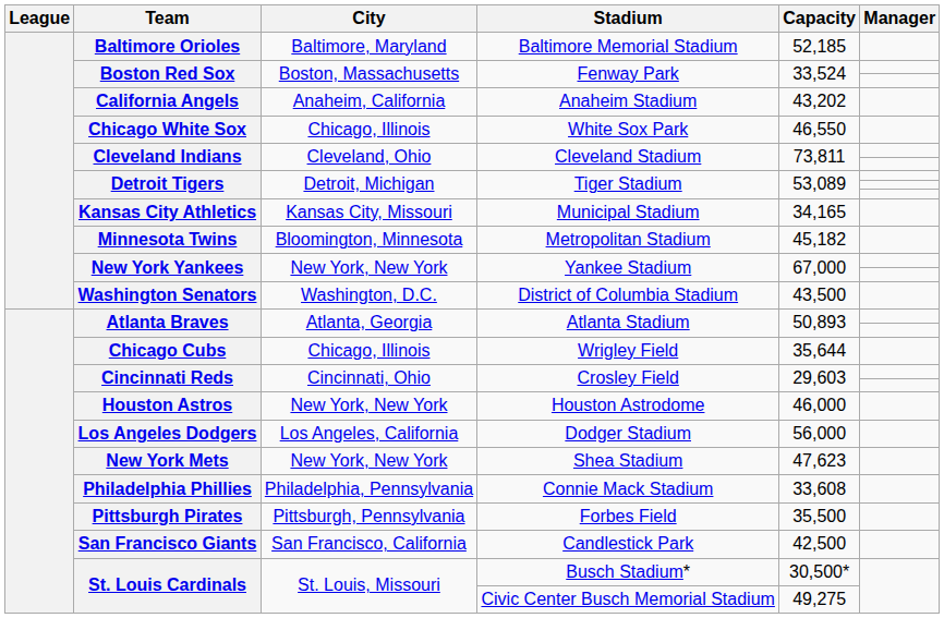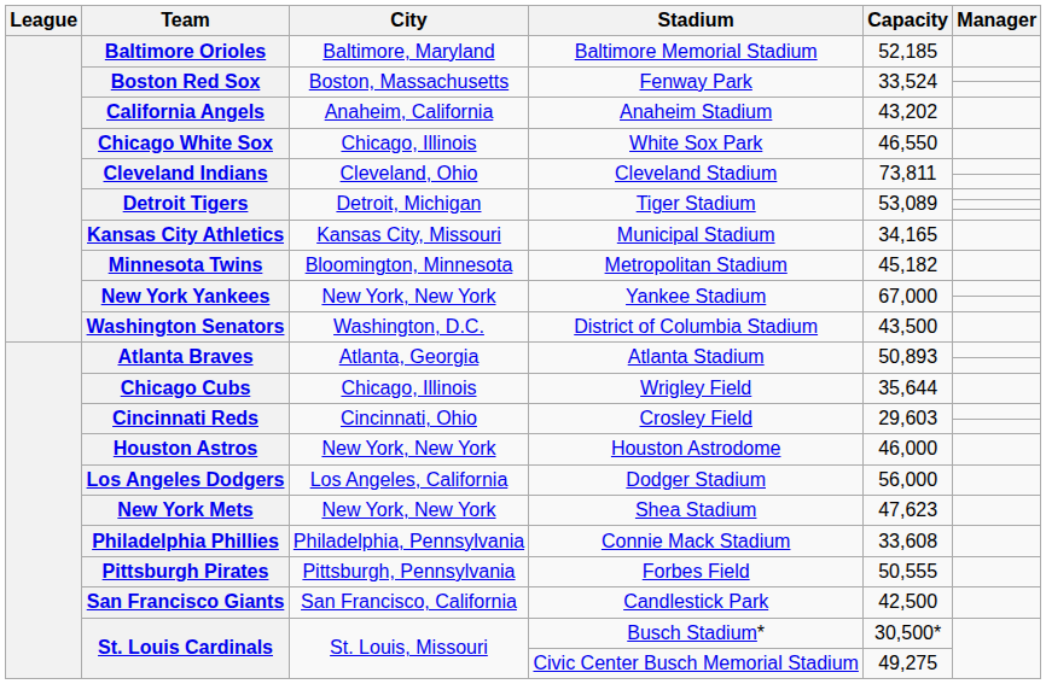 <table class="wikitable sortable plainrowheaders" style="text-align:center;">
 <tr>
 <th scope="col">League</th>
 <th scope="col">Team</th>
 <th scope="col">City</th>
 <th scope="col">Stadium</th>
 <th scope="col">Capacity</th>
 <th scope="col">Manager</th>
 </tr>
 <tr>
 <th rowspan="15"></th>
 <th scope="row"><a href='#'>Baltimore Orioles</a></th>
 <td><a href='#'>Baltimore, Maryland</a></td>
 <td><a href='#'>Baltimore Memorial Stadium</a></td>
 <td>52,185</td>
 <td></td>
 </tr>
 <tr>
 <th rowspan="2" scope="row"><a href='#'>Boston Red Sox</a></th>
 <td rowspan="2"><a href='#'>Boston, Massachusetts</a></td>
 <td rowspan="2"><a href='#'>Fenway Park</a></td>
 <td rowspan="2">33,524</td>
 <td></td>
 </tr>
 <tr>
 <td></td>
 </tr>
 <tr>
 <th scope="row"><a href='#'>California Angels</a></th>
 <td><a href='#'>Anaheim, California</a></td>
 <td><a href='#'>Anaheim Stadium</a></td>
 <td>43,202</td>
 <td></td>
 </tr>
 <tr>
 <th scope="row"><a href='#'>Chicago White Sox</a></th>
 <td><a href='#'>Chicago, Illinois</a></td>
 <td><a href='#'>White Sox Park</a></td>
 <td>46,550</td>
 <td></td>
 </tr>
 <tr>
 <th rowspan="2" scope="row"><a href='#'>Cleveland Indians</a></th>
 <td rowspan="2"><a href='#'>Cleveland, Ohio</a></td>
 <td rowspan="2"><a href='#'>Cleveland Stadium</a></td>
 <td rowspan="2">73,811</td>
 <td></td>
 </tr>
 <tr>
 <td></td>
 </tr>
 <tr>
 <th rowspan="3" scope="row"><a href='#'>Detroit Tigers</a></th>
 <td rowspan="3"><a href='#'>Detroit, Michigan</a></td>
 <td rowspan="3"><a href='#'>Tiger Stadium</a></td>
 <td rowspan="3">53,089</td>
 <td></td>
 </tr>
 <tr>
 <td></td>
 </tr>
 <tr>
 <td></td>
 </tr>
 <tr>
 <th scope="row"><a href='#'>Kansas City Athletics</a></th>
 <td><a href='#'>Kansas City, Missouri</a></td>
 <td><a href='#'>Municipal Stadium</a></td>
 <td>34,165</td>
 <td></td>
 </tr>
 <tr>
 <th scope="row"><a href='#'>Minnesota Twins</a></th>
 <td><a href='#'>Bloomington, Minnesota</a></td>
 <td><a href='#'>Metropolitan Stadium</a></td>
 <td>45,182</td>
 <td></td>
 </tr>
 <tr>
 <th rowspan="2" scope="row"><a href='#'>New York Yankees</a></th>
 <td rowspan="2"><a href='#'>New York, New York</a></td>
 <td rowspan="2"><a href='#'>Yankee Stadium</a></td>
 <td rowspan="2">67,000</td>
 <td></td>
 </tr>
 <tr>
 <td></td>
 </tr>
 <tr>
 <th scope="row"><a href='#'>Washington Senators</a></th>
 <td><a href='#'>Washington, D.C.</a></td>
 <td><a href='#'>District of Columbia Stadium</a></td>
 <td>43,500</td>
 <td></td>
 </tr>
 <tr>
 <th rowspan="13"></th>
 <th rowspan="2" scope="row"><a href='#'>Atlanta Braves</a></th>
 <td rowspan="2"><a href='#'>Atlanta, Georgia</a></td>
 <td rowspan="2"><a href='#'>Atlanta Stadium</a></td>
 <td rowspan="2">50,893</td>
 <td></td>
 </tr>
 <tr>
 <td></td>
 </tr>
 <tr>
 <th scope="row"><a href='#'>Chicago Cubs</a></th>
 <td><a href='#'>Chicago, Illinois</a></td>
 <td><a href='#'>Wrigley Field</a></td>
 <td>35,644</td>
 <td></td>
 </tr>
 <tr>
 <th rowspan="2" scope="row"><a href='#'>Cincinnati Reds</a></th>
 <td rowspan="2"><a href='#'>Cincinnati, Ohio</a></td>
 <td rowspan="2"><a href='#'>Crosley Field</a></td>
 <td rowspan="2">29,603</td>
 <td></td>
 </tr>
 <tr>
 <td></td>
 </tr>
 <tr>
 <th scope="row"><a href='#'>Houston Astros</a></th>
 <td><a href='#'>New York, New York</a></td>
 <td><a href='#'>Houston Astrodome</a></td>
 <td>46,000</td>
 <td></td>
 </tr>
 <tr>
 <th scope="row"><a href='#'>Los Angeles Dodgers</a></th>
 <td><a href='#'>Los Angeles, California</a></td>
 <td><a href='#'>Dodger Stadium</a></td>
 <td>56,000</td>
 <td></td>
 </tr>
 <tr>
 <th scope="row"><a href='#'>New York Mets</a></th>
 <td><a href='#'>New York, New York</a></td>
 <td><a href='#'>Shea Stadium</a></td>
 <td>47,623</td>
 <td></td>
 </tr>
 <tr>
 <th scope="row"><a href='#'>Philadelphia Phillies</a></th>
 <td><a href='#'>Philadelphia, Pennsylvania</a></td>
 <td><a href='#'>Connie Mack Stadium</a></td>
 <td>33,608</td>
 <td></td>
 </tr>
 <tr>
 <th scope="row"><a href='#'>Pittsburgh Pirates</a></th>
 <td><a href='#'>Pittsburgh, Pennsylvania</a></td>
 <td><a href='#'>Forbes Field</a></td>
-<td>35,500</td>
+<td>50,555</td>
 <td></td>
 </tr>
 <tr>
 <th scope="row"><a href='#'>San Francisco Giants</a></th>
 <td><a href='#'>San Francisco, California</a></td>
 <td><a href='#'>Candlestick Park</a></td>
 <td>42,500</td>
 <td></td>
 </tr>
 <tr>
 <th rowspan="2" scope="row"><a href='#'>St. Louis Cardinals</a></th>
 <td rowspan="2"><a href='#'>St. Louis, Missouri</a></td>
 <td><a href='#'>Busch Stadium</a>*</td>
 <td>30,500*</td>
 <td rowspan="2"></td>
 </tr>
 <tr>
 <td><a href='#'>Civic Center Busch Memorial Stadium</a></td>
 <td>49,275</td>
 </tr>
 </table>
